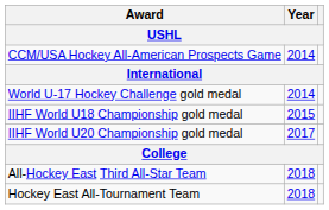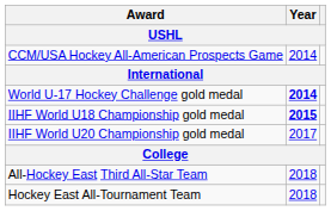 <table class="wikitable">
 <tr>
 <th>Award</th>
 <th>Year</th>
 <th></th>
 </tr>
 <tr>
 <th colspan="3"><a href='#'>USHL</a></th>
 </tr>
 <tr>
 <td><a href='#'>CCM/USA Hockey All-American Prospects Game</a></td>
 <td><a href='#'>2014</a></td>
 <td></td>
 </tr>
 <tr>
 <th colspan="3"><a href='#'>International</a></th>
 </tr>
 <tr>
 <td><a href='#'>World U-17 Hockey Challenge</a> gold medal</td>
-<td><a href='#'>2014</a></td>
+<td><strong><a href='#'>2014</a></strong></td>
 <td></td>
 </tr>
 <tr>
 <td><a href='#'>IIHF World U18 Championship</a> gold medal</td>
-<td><a href='#'>2015</a></td>
+<td><strong><a href='#'>2015</a></strong></td>
 <td></td>
 </tr>
 <tr>
 <td><a href='#'>IIHF World U20 Championship</a> gold medal</td>
 <td><a href='#'>2017</a></td>
 <td></td>
 </tr>
 <tr>
 <th colspan="3"><a href='#'>College</a></th>
 </tr>
 <tr>
 <td>All-<a href='#'>Hockey East</a> <a href='#'>Third All-Star Team</a></td>
 <td><a href='#'>2018</a></td>
 <td></td>
 </tr>
 <tr>
 <td>Hockey East All-Tournament Team</td>
 <td><a href='#'>2018</a></td>
 <td></td>
 </tr>
 </table>
